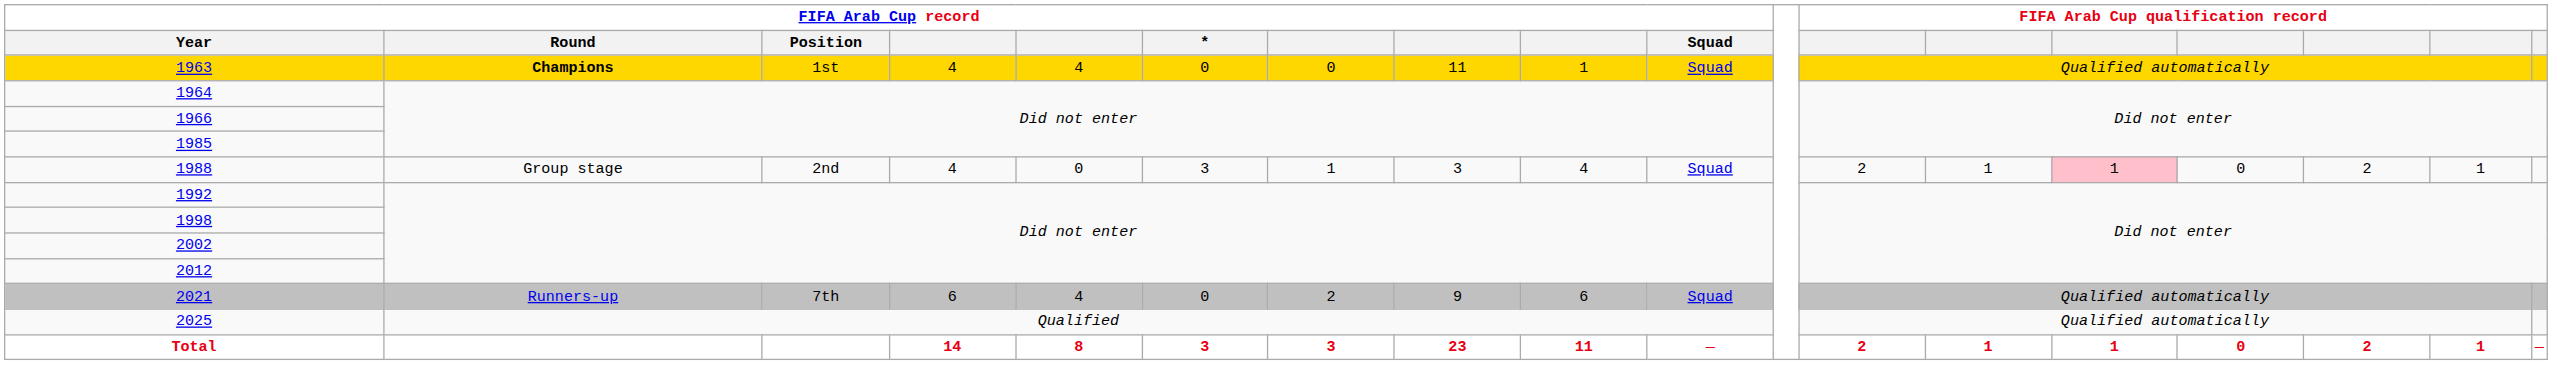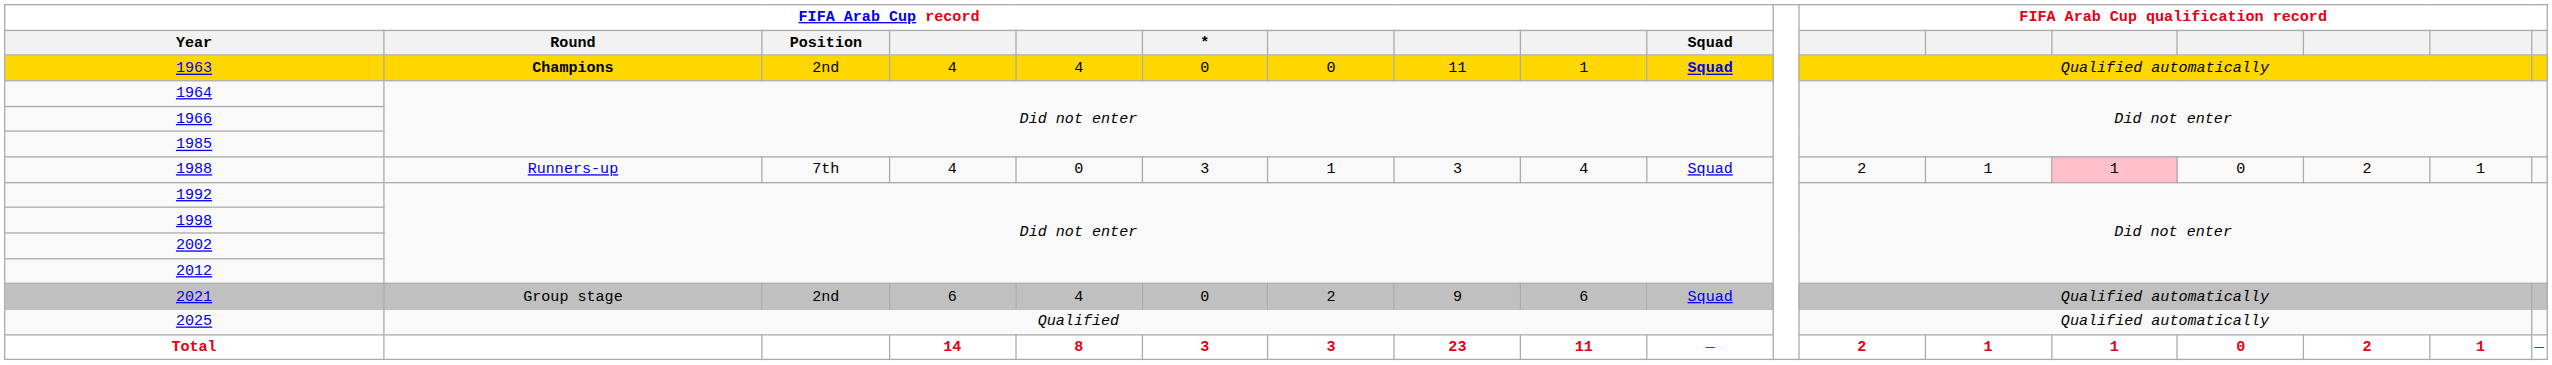 <table class="wikitable" style="font-size:90%; text-align:center;">
 <tr>
 <th colspan="10" style="background:#FFFFFF; color:#E70013; "><a href='#'><span>FIFA Arab Cup</span></a> record</th>
 <th rowspan="14" style="width:1%;background:white"></th>
 <th colspan="7" style="background:#FFFFFF; color:#E70013; ">FIFA Arab Cup qualification record</th>
 </tr>
 <tr>
 <th width="15%">Year</th>
 <th width="15%">Round</th>
 <th width="5%">Position</th>
 <th width="5%"></th>
 <th width="5%"></th>
 <th width="5%">*</th>
 <th width="5%"></th>
 <th width="5%"></th>
 <th width="5%"></th>
 <th width="5%">Squad</th>
 <th width="5%"></th>
 <th width="5%"></th>
 <th width="5%"></th>
 <th width="5%"></th>
 <th width="5%"></th>
 <th width="5%"></th>
 <th width="1%"></th>
 </tr>
 <tr style="background:gold;">
 <td> <a href='#'>1963</a></td>
 <td><strong>Champions</strong></td>
-<td>1st</td>
+<td>2nd</td>
 <td>4</td>
 <td>4</td>
 <td>0</td>
 <td>0</td>
 <td>11</td>
 <td>1</td>
-<td><a href='#'>Squad</a></td>
+<td><strong><a href='#'>Squad</a></strong></td>
 <td colspan="6"><em>Qualified automatically</em></td>
 <td></td>
 </tr>
 <tr>
 <td> <a href='#'>1964</a></td>
 <td colspan="9" rowspan="3"><em>Did not enter</em></td>
 <td colspan="7" rowspan="3"><em>Did not enter</em></td>
 </tr>
 <tr>
 <td> <a href='#'>1966</a></td>
 </tr>
 <tr>
 <td> <a href='#'>1985</a></td>
 </tr>
 <tr>
 <td> <a href='#'>1988</a></td>
-<td>Group stage</td>
-<td>2nd</td>
+<td><a href='#'>Runners-up</a></td>
+<td>7th</td>
 <td>4</td>
 <td>0</td>
 <td>3</td>
 <td>1</td>
 <td>3</td>
 <td>4</td>
 <td><a href='#'>Squad</a></td>
 <td>2</td>
 <td>1</td>
 <td style="background: pink;">1</td>
 <td>0</td>
 <td>2</td>
 <td>1</td>
 <td></td>
 </tr>
 <tr>
 <td> <a href='#'>1992</a></td>
 <td colspan="9" rowspan="4"><em>Did not enter</em></td>
 <td colspan="7" rowspan="4"><em>Did not enter</em></td>
 </tr>
 <tr>
 <td> <a href='#'>1998</a></td>
 </tr>
 <tr>
 <td> <a href='#'>2002</a></td>
 </tr>
 <tr>
 <td> <a href='#'>2012</a></td>
 </tr>
 <tr style="background:silver;">
 <td> <a href='#'>2021</a></td>
-<td><a href='#'>Runners-up</a></td>
-<td>7th</td>
+<td>Group stage</td>
+<td>2nd</td>
 <td>6</td>
 <td>4</td>
 <td>0</td>
 <td>2</td>
 <td>9</td>
 <td>6</td>
 <td><a href='#'>Squad</a></td>
 <td colspan="6"><em>Qualified automatically</em></td>
 <td></td>
 </tr>
 <tr>
 <td> <a href='#'>2025</a></td>
 <td colspan="9"><em>Qualified</em></td>
 <td colspan="6"><em>Qualified automatically</em></td>
 <td></td>
 </tr>
 <tr>
 <th style="background:#FFFFFF; color:#E70013; ">Total</th>
 <th style="background:#FFFFFF; color:#E70013; "></th>
 <th style="background:#FFFFFF; color:#E70013; "></th>
 <th style="background:#FFFFFF; color:#E70013; ">14</th>
 <th style="background:#FFFFFF; color:#E70013; ">8</th>
 <th style="background:#FFFFFF; color:#E70013; ">3</th>
 <th style="background:#FFFFFF; color:#E70013; ">3</th>
 <th style="background:#FFFFFF; color:#E70013; ">23</th>
 <th style="background:#FFFFFF; color:#E70013; ">11</th>
 <td style="background:#FFFFFF; color:#E70013; ">—</td>
 <th style="background:#FFFFFF; color:#E70013; ">2</th>
 <th style="background:#FFFFFF; color:#E70013; ">1</th>
 <th style="background:#FFFFFF; color:#E70013; ">1</th>
 <th style="background:#FFFFFF; color:#E70013; ">0</th>
 <th style="background:#FFFFFF; color:#E70013; ">2</th>
 <th style="background:#FFFFFF; color:#E70013; ">1</th>
 <td style="background:#FFFFFF; color:#E70013; ">—</td>
 </tr>
 </table>
